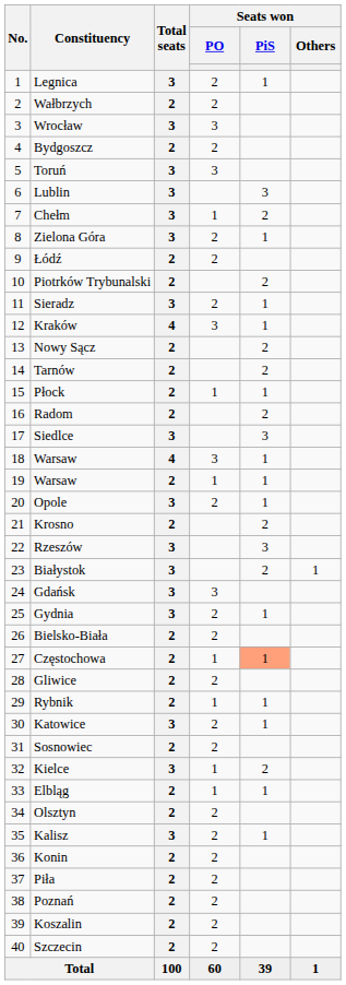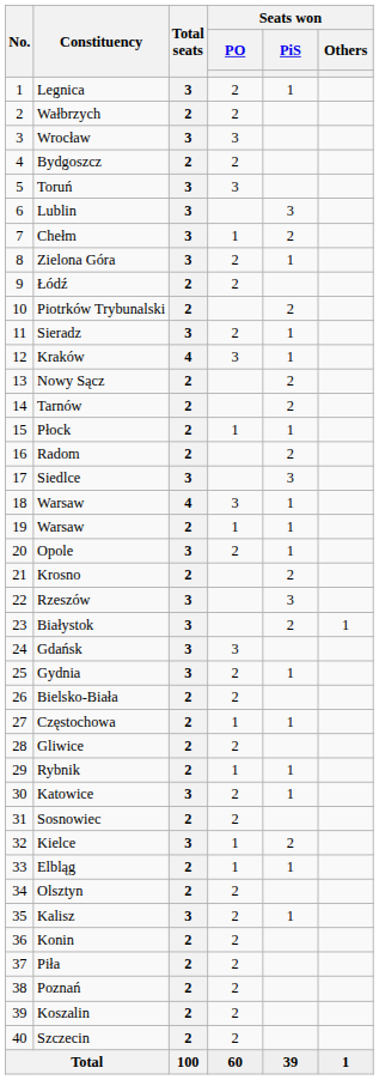 <table class="wikitable" style="text-align:center; font-size:95%">
 <tr>
 <th rowspan="3">No.</th>
 <th rowspan="3">Constituency</th>
 <th rowspan="3" style="width:25px;">Total seats</th>
 <th colspan="3">Seats won</th>
 </tr>
 <tr style="height:42px; text-align:center; background-color:#E9E9E9;">
 <th style="width:50px;"><a href='#'>PO</a></th>
 <th style="width:50px;"><a href='#'>PiS</a></th>
 <th style="width:50px;">Others</th>
 </tr>
 <tr>
 <th style="background:"></th>
 <th style="background:"></th>
 <th style="background:"></th>
 </tr>
 <tr>
 <td>1</td>
 <td align="left">Legnica</td>
 <th>3</th>
 <td>2</td>
 <td>1</td>
 <td></td>
 </tr>
 <tr>
 <td>2</td>
 <td align="left">Wałbrzych</td>
 <th>2</th>
 <td>2</td>
 <td></td>
 <td></td>
 </tr>
 <tr>
 <td>3</td>
 <td align="left">Wrocław</td>
 <th>3</th>
 <td>3</td>
 <td></td>
 <td></td>
 </tr>
 <tr>
 <td>4</td>
 <td align="left">Bydgoszcz</td>
 <th>2</th>
 <td>2</td>
 <td></td>
 <td></td>
 </tr>
 <tr>
 <td>5</td>
 <td align="left">Toruń</td>
 <th>3</th>
 <td>3</td>
 <td></td>
 <td></td>
 </tr>
 <tr>
 <td>6</td>
 <td align="left">Lublin</td>
 <th>3</th>
 <td></td>
 <td>3</td>
 <td></td>
 </tr>
 <tr>
 <td>7</td>
 <td align="left">Chełm</td>
 <th>3</th>
 <td>1</td>
 <td>2</td>
 <td></td>
 </tr>
 <tr>
 <td>8</td>
 <td align="left">Zielona Góra</td>
 <th>3</th>
 <td>2</td>
 <td>1</td>
 <td></td>
 </tr>
 <tr>
 <td>9</td>
 <td align="left">Łódź</td>
 <th>2</th>
 <td>2</td>
 <td></td>
 <td></td>
 </tr>
 <tr>
 <td>10</td>
 <td align="left">Piotrków Trybunalski</td>
 <th>2</th>
 <td></td>
 <td>2</td>
 <td></td>
 </tr>
 <tr>
 <td>11</td>
 <td align="left">Sieradz</td>
 <th>3</th>
 <td>2</td>
 <td>1</td>
 <td></td>
 </tr>
 <tr>
 <td>12</td>
 <td align="left">Kraków</td>
 <th>4</th>
 <td>3</td>
 <td>1</td>
 <td></td>
 </tr>
 <tr>
 <td>13</td>
 <td align="left">Nowy Sącz</td>
 <th>2</th>
 <td></td>
 <td>2</td>
 <td></td>
 </tr>
 <tr>
 <td>14</td>
 <td align="left">Tarnów</td>
 <th>2</th>
 <td></td>
 <td>2</td>
 <td></td>
 </tr>
 <tr>
 <td>15</td>
 <td align="left">Płock</td>
 <th>2</th>
 <td>1</td>
 <td>1</td>
 <td></td>
 </tr>
 <tr>
 <td>16</td>
 <td align="left">Radom</td>
 <th>2</th>
 <td></td>
 <td>2</td>
 <td></td>
 </tr>
 <tr>
 <td>17</td>
 <td align="left">Siedlce</td>
 <th>3</th>
 <td></td>
 <td>3</td>
 <td></td>
 </tr>
 <tr>
 <td>18</td>
 <td align="left">Warsaw</td>
 <th>4</th>
 <td>3</td>
 <td>1</td>
 <td></td>
 </tr>
 <tr>
 <td>19</td>
 <td align="left">Warsaw</td>
 <th>2</th>
 <td>1</td>
 <td>1</td>
 <td></td>
 </tr>
 <tr>
 <td>20</td>
 <td align="left">Opole</td>
 <th>3</th>
 <td>2</td>
 <td>1</td>
 <td></td>
 </tr>
 <tr>
 <td>21</td>
 <td align="left">Krosno</td>
 <th>2</th>
 <td></td>
 <td>2</td>
 <td></td>
 </tr>
 <tr>
 <td>22</td>
 <td align="left">Rzeszów</td>
 <th>3</th>
 <td></td>
 <td>3</td>
 <td></td>
 </tr>
 <tr>
 <td>23</td>
 <td align="left">Białystok</td>
 <th>3</th>
 <td></td>
 <td>2</td>
 <td>1</td>
 </tr>
 <tr>
 <td>24</td>
 <td align="left">Gdańsk</td>
 <th>3</th>
 <td>3</td>
 <td></td>
 <td></td>
 </tr>
 <tr>
 <td>25</td>
 <td align="left">Gydnia</td>
 <th>3</th>
 <td>2</td>
 <td>1</td>
 <td></td>
 </tr>
 <tr>
 <td>26</td>
 <td align="left">Bielsko-Biała</td>
 <th>2</th>
 <td>2</td>
 <td></td>
 <td></td>
 </tr>
 <tr>
 <td>27</td>
 <td align="left">Częstochowa</td>
 <th>2</th>
 <td>1</td>
-<td style="background: lightsalmon;">1</td>
+<td>1</td>
 <td></td>
 </tr>
 <tr>
 <td>28</td>
 <td align="left">Gliwice</td>
 <th>2</th>
 <td>2</td>
 <td></td>
 <td></td>
 </tr>
 <tr>
 <td>29</td>
 <td align="left">Rybnik</td>
 <th>2</th>
 <td>1</td>
 <td>1</td>
 <td></td>
 </tr>
 <tr>
 <td>30</td>
 <td align="left">Katowice</td>
 <th>3</th>
 <td>2</td>
 <td>1</td>
 <td></td>
 </tr>
 <tr>
 <td>31</td>
 <td align="left">Sosnowiec</td>
 <th>2</th>
 <td>2</td>
 <td></td>
 <td></td>
 </tr>
 <tr>
 <td>32</td>
 <td align="left">Kielce</td>
 <th>3</th>
 <td>1</td>
 <td>2</td>
 <td></td>
 </tr>
 <tr>
 <td>33</td>
 <td align="left">Elbląg</td>
 <th>2</th>
 <td>1</td>
 <td>1</td>
 <td></td>
 </tr>
 <tr>
 <td>34</td>
 <td align="left">Olsztyn</td>
 <th>2</th>
 <td>2</td>
 <td></td>
 <td></td>
 </tr>
 <tr>
 <td>35</td>
 <td align="left">Kalisz</td>
 <th>3</th>
 <td>2</td>
 <td>1</td>
 <td></td>
 </tr>
 <tr>
 <td>36</td>
 <td align="left">Konin</td>
 <th>2</th>
 <td>2</td>
 <td></td>
 <td></td>
 </tr>
 <tr>
 <td>37</td>
 <td align="left">Piła</td>
 <th>2</th>
 <td>2</td>
 <td></td>
 <td></td>
 </tr>
 <tr>
 <td>38</td>
 <td align="left">Poznań</td>
 <th>2</th>
 <td>2</td>
 <td></td>
 <td></td>
 </tr>
 <tr>
 <td>39</td>
 <td align="left">Koszalin</td>
 <th>2</th>
 <td>2</td>
 <td></td>
 <td></td>
 </tr>
 <tr>
 <td>40</td>
 <td align="left">Szczecin</td>
 <th>2</th>
 <td>2</td>
 <td></td>
 <td></td>
 </tr>
 <tr style="background:#EFEFEF; font-weight:bold;">
 <th colspan="2">Total</th>
 <th>100</th>
 <td>60</td>
 <td>39</td>
 <td>1</td>
 </tr>
 </table>
